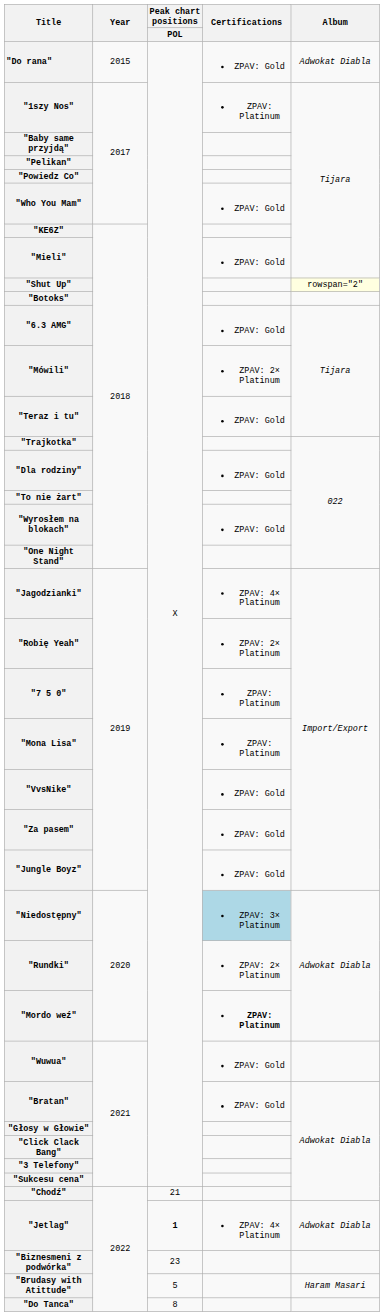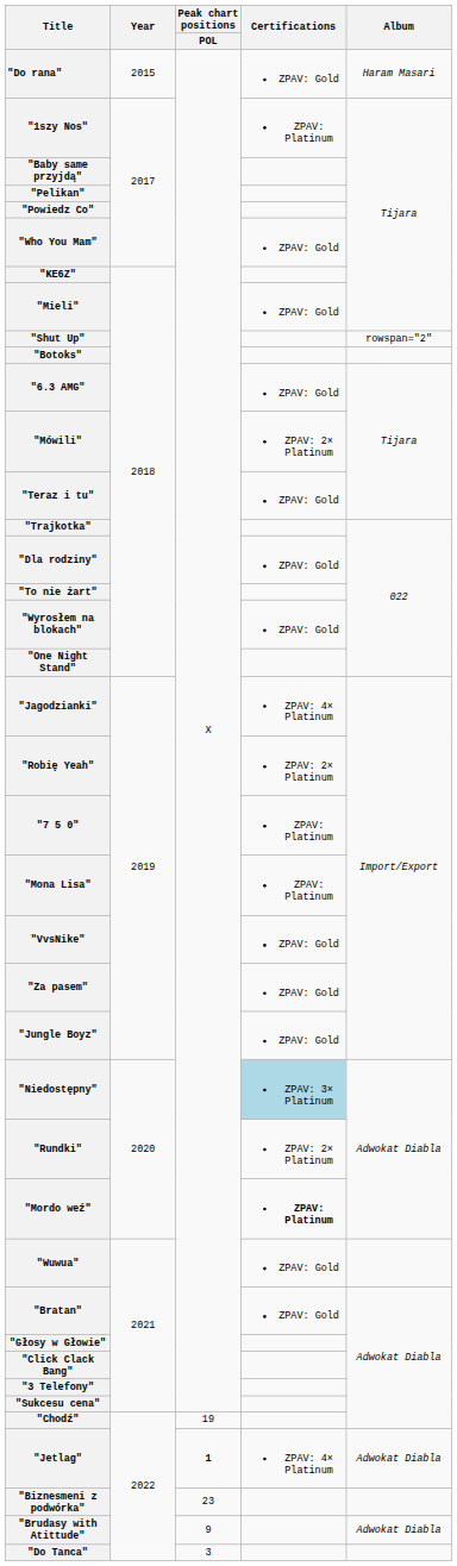 <table class="wikitable plainrowheaders" style="text-align:center">
 <tr>
 <th rowspan="2" scope="col" style="width:10em">Title</th>
 <th rowspan="2" scope="col" style="width:6em">Year</th>
 <th rowspan="1" style"width:6em">Peak chart<br>positions</th>
 <th rowspan="2" scope="col" style="width:10em">Certifications</th>
 <th scope="col" rowspan="2" style="width:10em">Album</th>
 </tr>
 <tr>
 <th>POL<br></th>
 </tr>
 <tr>
 <th scope="row" style="text-align:left">"Do rana"</th>
 <td>2015</td>
 <td rowspan="34">X</td>
 <td><br><ul><li>ZPAV: Gold</li></ul></td>
-<td><em>Adwokat Diabla</em></td>
+<td><em>Haram Masari</em></td>
 </tr>
 <tr>
 <th scope="row">"1szy Nos"</th>
 <td rowspan="5">2017</td>
 <td><br><ul><li>ZPAV: Platinum</li></ul></td>
 <td rowspan="7"><em>Tijara</em></td>
 </tr>
 <tr>
 <th scope="row">"Baby same przyjdą"</th>
 <td></td>
 </tr>
 <tr>
 <th scope="row">"Pelikan"</th>
 <td></td>
 </tr>
 <tr>
 <th scope="row">"Powiedz Co"</th>
 <td></td>
 </tr>
 <tr>
 <th scope="row">"Who You Mam"</th>
 <td><br><ul><li>ZPAV: Gold</li></ul></td>
 </tr>
 <tr>
 <th scope="row">"KE6Z"<br></th>
 <td rowspan="12">2018</td>
 <td></td>
 </tr>
 <tr>
 <th scope="row">"Mieli"</th>
 <td><br><ul><li>ZPAV: Gold</li></ul></td>
 </tr>
 <tr>
 <th scope="row">"Shut Up"<br></th>
 <td></td>
-<td style="background: lightyellow;">rowspan="2" </td>
+<td>rowspan="2" </td>
 </tr>
 <tr>
 <th scope="row">"Botoks"</th>
 <td></td>
 </tr>
 <tr>
 <th scope="row">"6.3 AMG"</th>
 <td><br><ul><li>ZPAV: Gold</li></ul></td>
 <td rowspan="3"><em>Tijara</em></td>
 </tr>
 <tr>
 <th scope="row">"Mówili"</th>
 <td><br><ul><li>ZPAV: 2× Platinum</li></ul></td>
 </tr>
 <tr>
 <th scope="row">"Teraz i tu"<br></th>
 <td><br><ul><li>ZPAV: Gold</li></ul></td>
 </tr>
 <tr>
 <th scope="row">"Trajkotka"</th>
 <td></td>
 <td rowspan="5"><em>022</em></td>
 </tr>
 <tr>
 <th scope="row">"Dla rodziny"</th>
 <td><br><ul><li>ZPAV: Gold</li></ul></td>
 </tr>
 <tr>
 <th scope="row">"To nie żart"</th>
 <td></td>
 </tr>
 <tr>
 <th scope="row">"Wyrosłem na blokach"<br></th>
 <td><br><ul><li>ZPAV: Gold</li></ul></td>
 </tr>
 <tr>
 <th scope="row">"One Night Stand"<br></th>
 <td></td>
 </tr>
 <tr>
 <th scope="row">"Jagodzianki"<br></th>
 <td rowspan="7">2019</td>
 <td><br><ul><li>ZPAV: 4× Platinum</li></ul></td>
 <td rowspan="7"><em>Import/Export</em></td>
 </tr>
 <tr>
 <th scope="row">"Robię Yeah"<br></th>
 <td><br><ul><li>ZPAV: 2× Platinum</li></ul></td>
 </tr>
 <tr>
 <th scope="row">"7 5 0"<br></th>
 <td><br><ul><li>ZPAV: Platinum</li></ul></td>
 </tr>
 <tr>
 <th scope="row">"Mona Lisa"</th>
 <td><br><ul><li>ZPAV: Platinum</li></ul></td>
 </tr>
 <tr>
 <th scope="row">"VvsNike"<br></th>
 <td><br><ul><li>ZPAV: Gold</li></ul></td>
 </tr>
 <tr>
 <th scope="row">"Za pasem"</th>
 <td><br><ul><li>ZPAV: Gold</li></ul></td>
 </tr>
 <tr>
 <th scope="row">"Jungle Boyz"</th>
 <td><br><ul><li>ZPAV: Gold</li></ul></td>
 </tr>
 <tr>
 <th scope="row">"Niedostępny"<br></th>
 <td rowspan="3">2020</td>
 <td style="background: lightblue;"><br><ul><li>ZPAV: 3× Platinum</li></ul></td>
 <td rowspan="3"><em>Adwokat Diabla</em></td>
 </tr>
 <tr>
 <th scope="row">"Rundki"<br></th>
 <td><br><ul><li>ZPAV: 2× Platinum</li></ul></td>
 </tr>
 <tr>
 <th scope="row">"Mordo weź"<br></th>
 <td><strong><br><ul><li>ZPAV: Platinum</li></ul></strong></td>
 </tr>
 <tr>
 <th scope="row">"Wuwua"<br></th>
 <td rowspan="6">2021</td>
 <td><br><ul><li>ZPAV: Gold</li></ul></td>
 <td></td>
 </tr>
 <tr>
 <th scope="row">"Bratan"<br></th>
 <td><br><ul><li>ZPAV: Gold</li></ul></td>
 <td rowspan="6"><em>Adwokat Diabla</em></td>
 </tr>
 <tr>
 <th scope="row">"Głosy w Głowie"</th>
 <td></td>
 </tr>
 <tr>
 <th scope="row">"Click Clack Bang"<br></th>
 <td></td>
 </tr>
 <tr>
 <th scope="row">"3 Telefony"</th>
 <td></td>
 </tr>
 <tr>
 <th scope="row">"Sukcesu cena"<br></th>
 <td></td>
 </tr>
 <tr>
 <th scope="row">"Chodź"<br></th>
 <td rowspan="5">2022</td>
-<td>21</td>
+<td>19</td>
 <td></td>
 </tr>
 <tr>
 <th scope="row">"Jetlag"<br></th>
 <td><strong>1</strong></td>
 <td><br><ul><li>ZPAV: 4× Platinum</li></ul></td>
 <td><em>Adwokat Diabla</em></td>
 </tr>
 <tr>
 <th scope="row">"Biznesmeni z podwórka"<br></th>
 <td>23</td>
 <td></td>
 </tr>
 <tr>
 <th scope="row">"Brudasy with Atittude"<br></th>
-<td>5</td>
+<td>9</td>
 <td></td>
-<td><em>Haram Masari</em></td>
+<td><em>Adwokat Diabla</em></td>
 </tr>
 <tr>
 <th scope="row">"Do Tanca"<br></th>
-<td>8</td>
+<td>3</td>
 <td></td>
 <td></td>
 </tr>
 </table>
